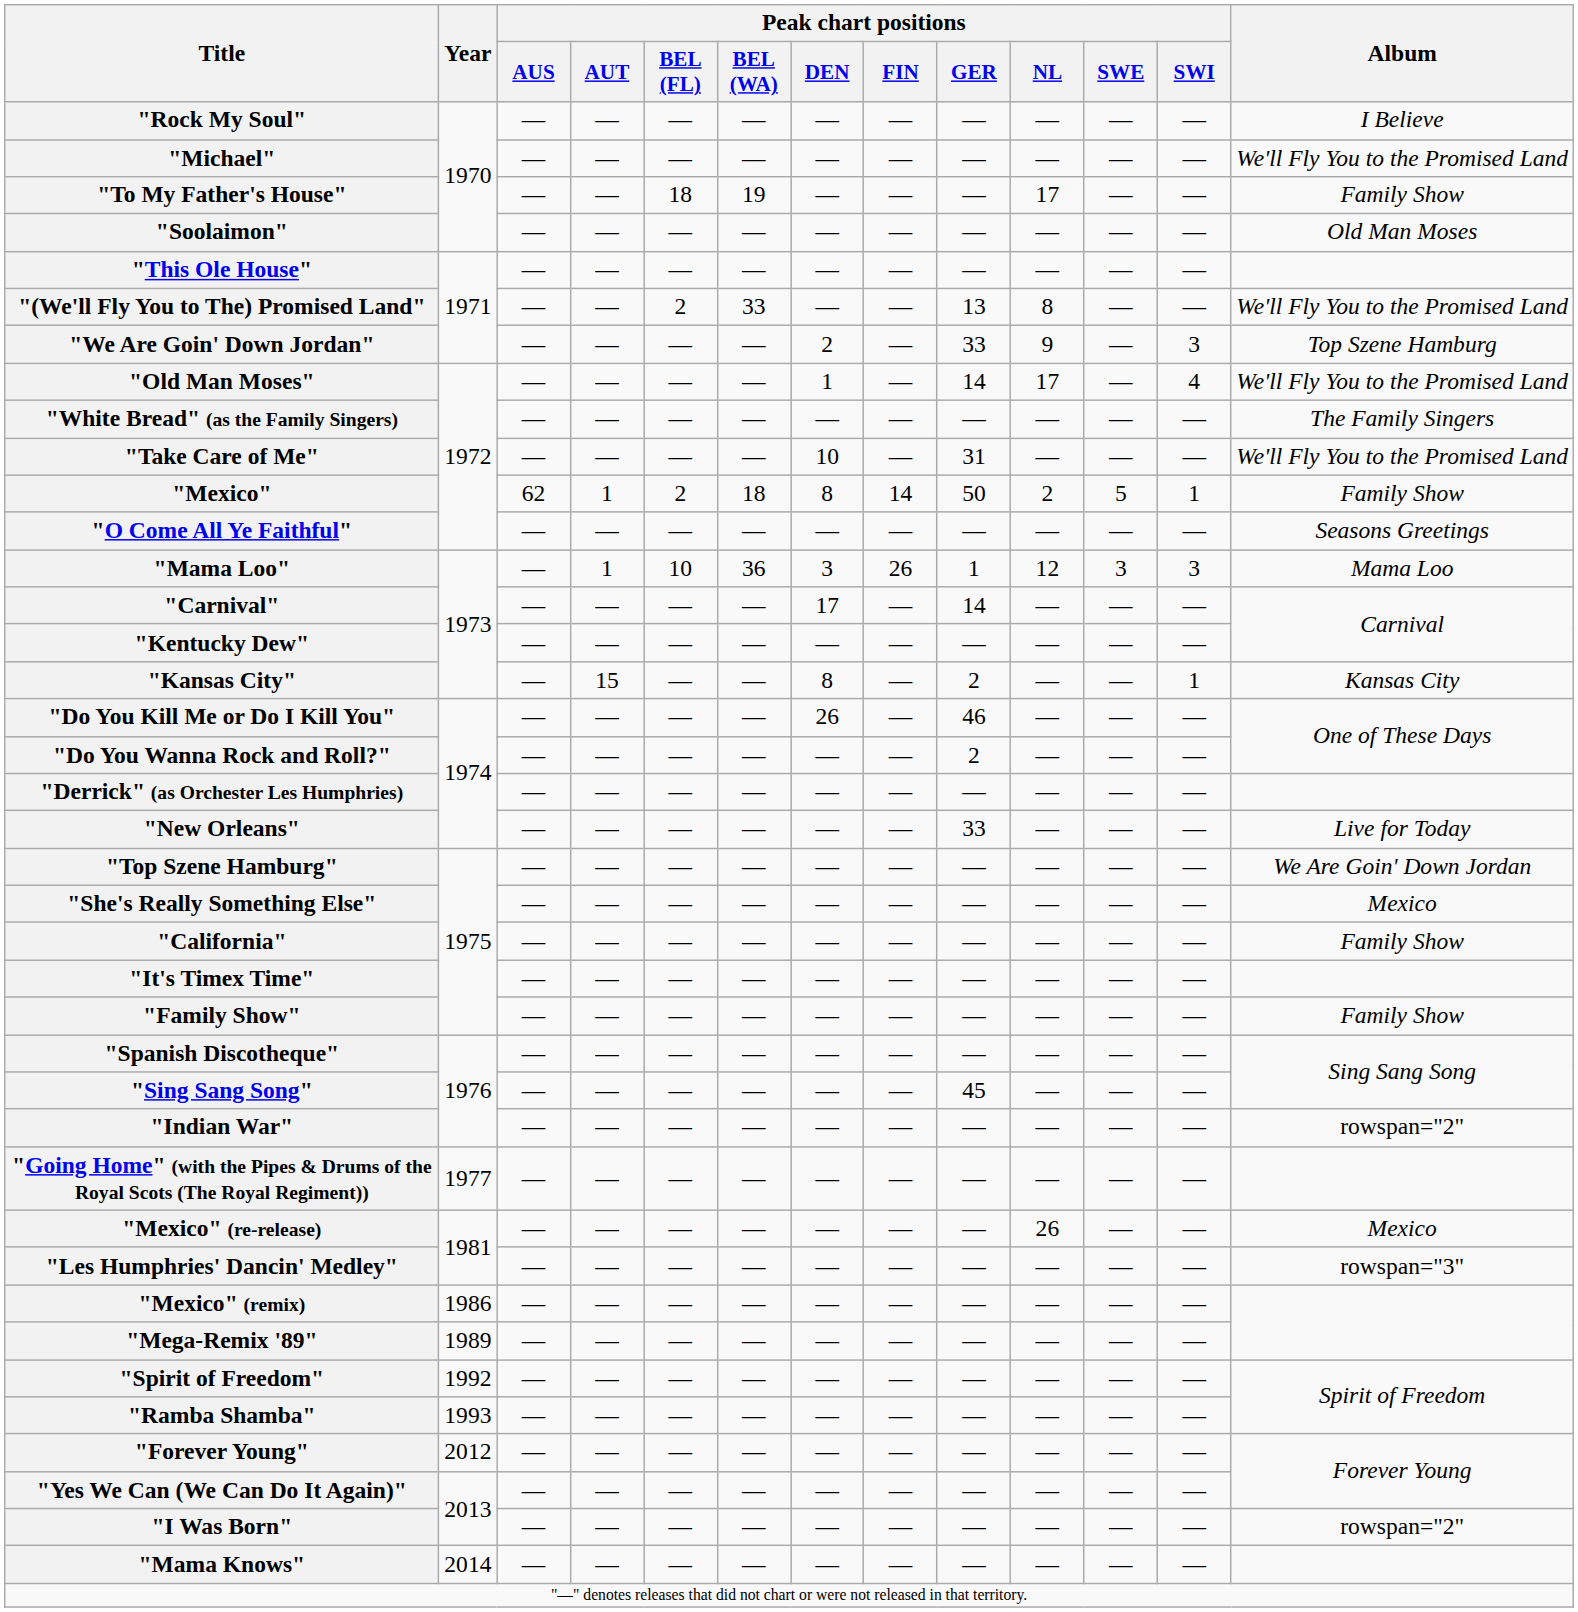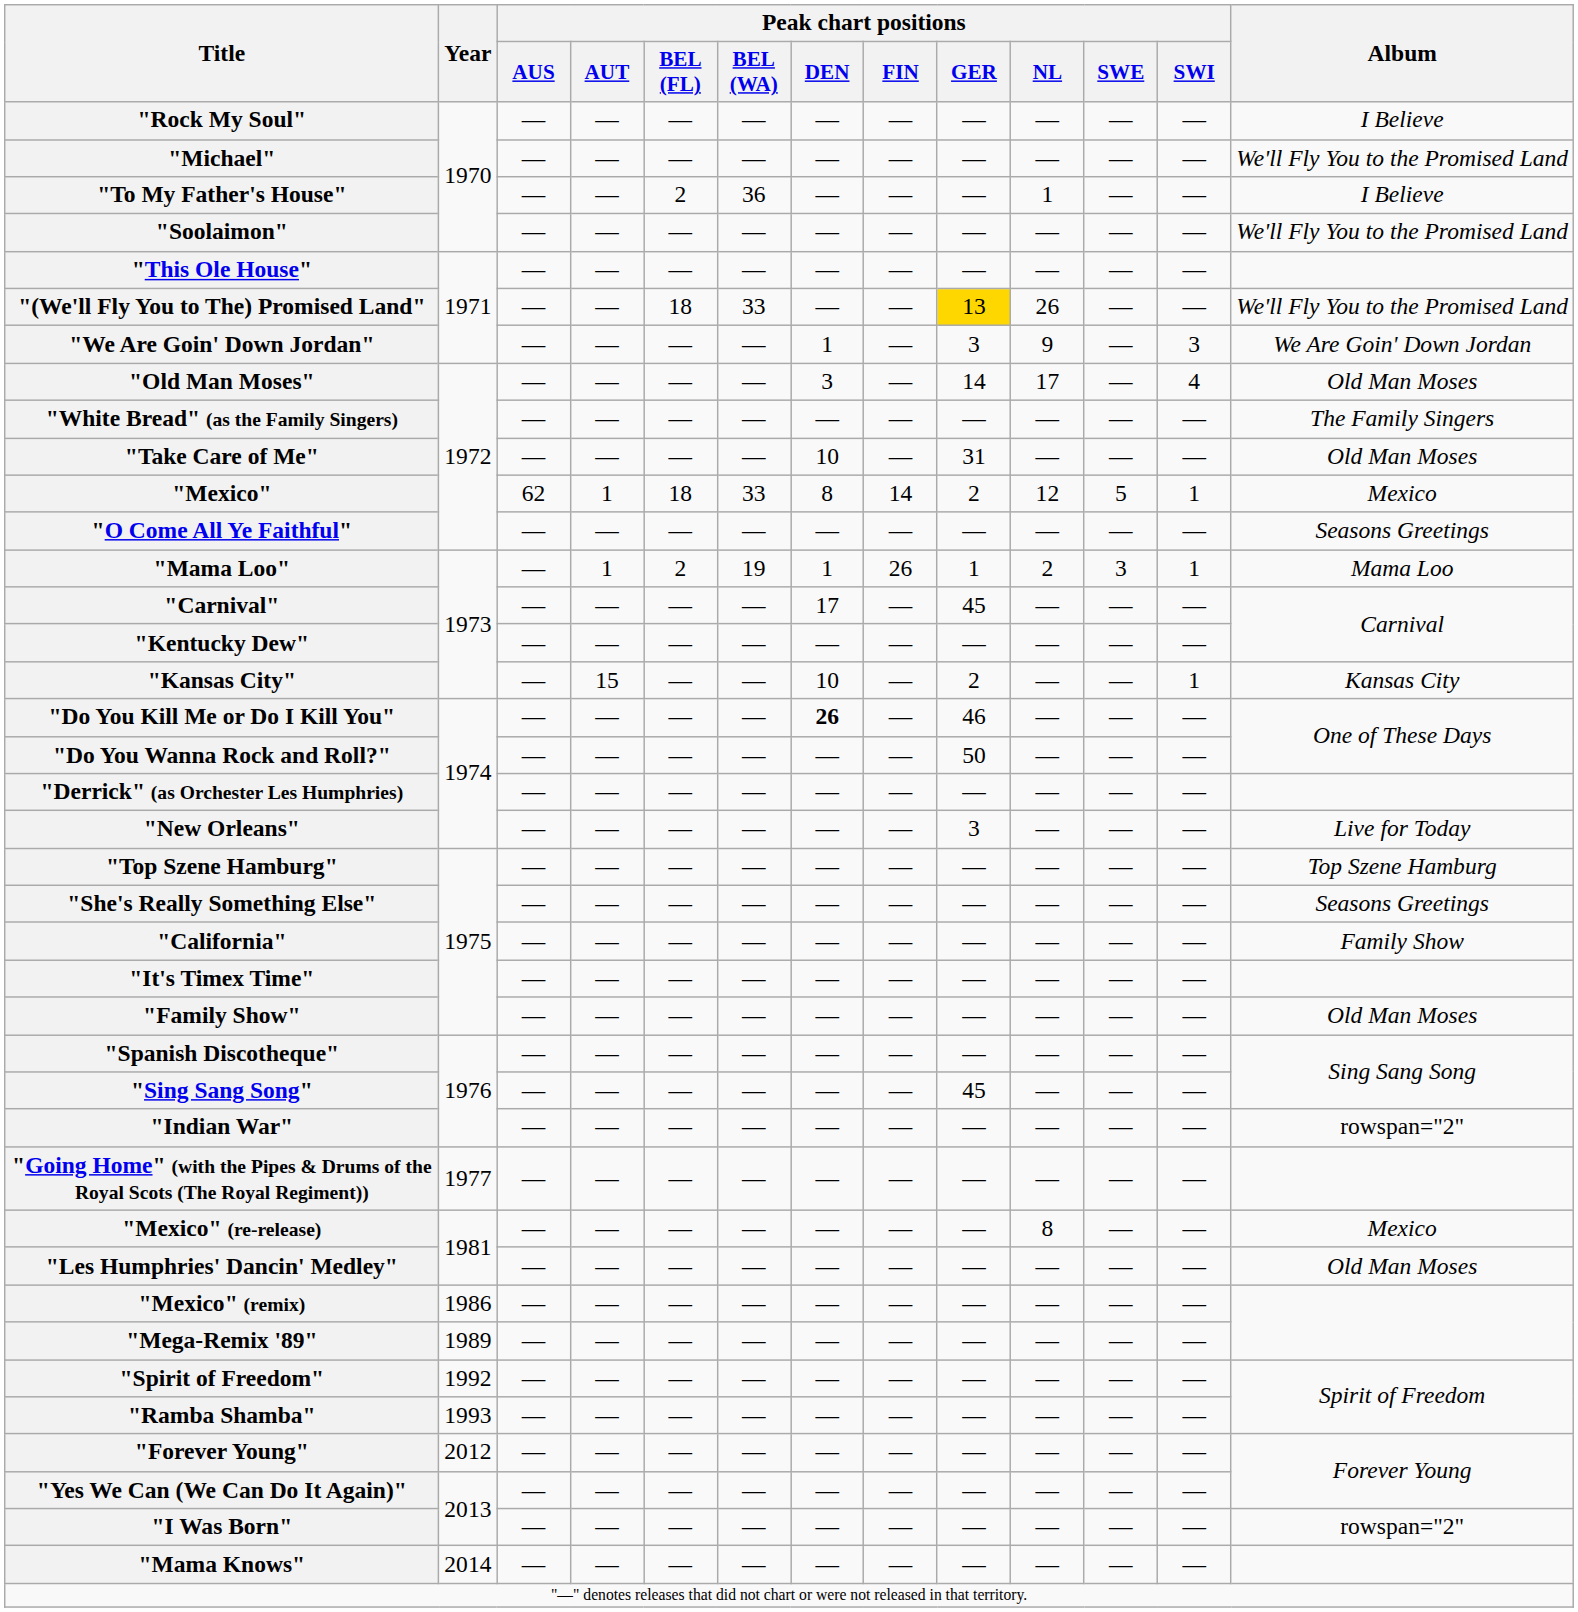 <table class="wikitable plainrowheaders" style="text-align:center;">
 <tr>
 <th scope="col" rowspan="2" style="width:18em;">Title</th>
 <th scope="col" rowspan="2" style="width:2em;">Year</th>
 <th colspan="10">Peak chart positions</th>
 <th rowspan="2">Album</th>
 </tr>
 <tr>
 <th scope="col" style="width:3em;font-size:90%;"><a href='#'>AUS</a><br></th>
 <th scope="col" style="width:3em;font-size:90%;"><a href='#'>AUT</a><br></th>
 <th scope="col" style="width:3em;font-size:90%;"><a href='#'>BEL (FL)</a><br></th>
 <th scope="col" style="width:3em;font-size:90%;"><a href='#'>BEL (WA)</a><br></th>
 <th scope="col" style="width:3em;font-size:90%;"><a href='#'>DEN</a><br></th>
 <th scope="col" style="width:3em;font-size:90%;"><a href='#'>FIN</a><br></th>
 <th scope="col" style="width:3em;font-size:90%;"><a href='#'>GER</a><br></th>
 <th scope="col" style="width:3em;font-size:90%;"><a href='#'>NL</a><br></th>
 <th scope="col" style="width:3em;font-size:90%;"><a href='#'>SWE</a><br></th>
 <th scope="col" style="width:3em;font-size:90%;"><a href='#'>SWI</a><br></th>
 </tr>
 <tr>
 <th scope="row">"Rock My Soul"</th>
 <td rowspan="4">1970</td>
 <td>—</td>
 <td>—</td>
 <td>—</td>
 <td>—</td>
 <td>—</td>
 <td>—</td>
 <td>—</td>
 <td>—</td>
 <td>—</td>
 <td>—</td>
 <td><em>I Believe</em></td>
 </tr>
 <tr>
 <th scope="row">"Michael"</th>
 <td>—</td>
 <td>—</td>
 <td>—</td>
 <td>—</td>
 <td>—</td>
 <td>—</td>
 <td>—</td>
 <td>—</td>
 <td>—</td>
 <td>—</td>
 <td><em>We'll Fly You to the Promised Land</em></td>
 </tr>
 <tr>
 <th scope="row">"To My Father's House"</th>
 <td>—</td>
 <td>—</td>
-<td>18</td>
-<td>19</td>
+<td>2</td>
+<td>36</td>
 <td>—</td>
 <td>—</td>
 <td>—</td>
-<td>17</td>
+<td>1</td>
 <td>—</td>
 <td>—</td>
-<td><em>Family Show</em></td>
+<td><em>I Believe</em></td>
 </tr>
 <tr>
 <th scope="row">"Soolaimon"</th>
 <td>—</td>
 <td>—</td>
 <td>—</td>
 <td>—</td>
 <td>—</td>
 <td>—</td>
 <td>—</td>
 <td>—</td>
 <td>—</td>
 <td>—</td>
-<td><em>Old Man Moses</em></td>
+<td><em>We'll Fly You to the Promised Land</em></td>
 </tr>
 <tr>
 <th scope="row">"<a href='#'>This Ole House</a>"</th>
 <td rowspan="3">1971</td>
 <td>—</td>
 <td>—</td>
 <td>—</td>
 <td>—</td>
 <td>—</td>
 <td>—</td>
 <td>—</td>
 <td>—</td>
 <td>—</td>
 <td>—</td>
 <td></td>
 </tr>
 <tr>
 <th scope="row">"(We'll Fly You to The) Promised Land"</th>
 <td>—</td>
 <td>—</td>
-<td>2</td>
+<td>18</td>
 <td>33</td>
 <td>—</td>
 <td>—</td>
-<td>13</td>
-<td>8</td>
+<td style="background: gold;">13</td>
+<td>26</td>
 <td>—</td>
 <td>—</td>
 <td><em>We'll Fly You to the Promised Land</em></td>
 </tr>
 <tr>
 <th scope="row">"We Are Goin' Down Jordan"</th>
 <td>—</td>
 <td>—</td>
 <td>—</td>
 <td>—</td>
-<td>2</td>
+<td>1</td>
 <td>—</td>
-<td>33</td>
+<td>3</td>
 <td>9</td>
 <td>—</td>
 <td>3</td>
-<td><em>Top Szene Hamburg</em></td>
+<td><em>We Are Goin' Down Jordan</em></td>
 </tr>
 <tr>
 <th scope="row">"Old Man Moses"</th>
 <td rowspan="5">1972</td>
 <td>—</td>
 <td>—</td>
 <td>—</td>
 <td>—</td>
-<td>1</td>
+<td>3</td>
 <td>—</td>
 <td>14</td>
 <td>17</td>
 <td>—</td>
 <td>4</td>
-<td><em>We'll Fly You to the Promised Land</em></td>
+<td><em>Old Man Moses</em></td>
 </tr>
 <tr>
 <th scope="row">"White Bread" <small>(as the Family Singers)</small></th>
 <td>—</td>
 <td>—</td>
 <td>—</td>
 <td>—</td>
 <td>—</td>
 <td>—</td>
 <td>—</td>
 <td>—</td>
 <td>—</td>
 <td>—</td>
 <td><em>The Family Singers</em></td>
 </tr>
 <tr>
 <th scope="row">"Take Care of Me"</th>
 <td>—</td>
 <td>—</td>
 <td>—</td>
 <td>—</td>
 <td>10</td>
 <td>—</td>
 <td>31</td>
 <td>—</td>
 <td>—</td>
 <td>—</td>
-<td><em>We'll Fly You to the Promised Land</em></td>
+<td><em>Old Man Moses</em></td>
 </tr>
 <tr>
 <th scope="row">"Mexico"</th>
 <td>62</td>
 <td>1</td>
-<td>2</td>
 <td>18</td>
+<td>33</td>
 <td>8</td>
 <td>14</td>
-<td>50</td>
 <td>2</td>
+<td>12</td>
 <td>5</td>
 <td>1</td>
-<td><em>Family Show</em></td>
+<td><em>Mexico</em></td>
 </tr>
 <tr>
 <th scope="row">"<a href='#'>O Come All Ye Faithful</a>"</th>
 <td>—</td>
 <td>—</td>
 <td>—</td>
 <td>—</td>
 <td>—</td>
 <td>—</td>
 <td>—</td>
 <td>—</td>
 <td>—</td>
 <td>—</td>
 <td><em>Seasons Greetings</em></td>
 </tr>
 <tr>
 <th scope="row">"Mama Loo"</th>
 <td rowspan="4">1973</td>
 <td>—</td>
 <td>1</td>
-<td>10</td>
-<td>36</td>
-<td>3</td>
+<td>2</td>
+<td>19</td>
+<td>1</td>
 <td>26</td>
 <td>1</td>
-<td>12</td>
+<td>2</td>
 <td>3</td>
-<td>3</td>
+<td>1</td>
 <td><em>Mama Loo</em></td>
 </tr>
 <tr>
 <th scope="row">"Carnival"</th>
 <td>—</td>
 <td>—</td>
 <td>—</td>
 <td>—</td>
 <td>17</td>
 <td>—</td>
-<td>14</td>
+<td>45</td>
 <td>—</td>
 <td>—</td>
 <td>—</td>
 <td rowspan="2"><em>Carnival</em></td>
 </tr>
 <tr>
 <th scope="row">"Kentucky Dew"</th>
 <td>—</td>
 <td>—</td>
 <td>—</td>
 <td>—</td>
 <td>—</td>
 <td>—</td>
 <td>—</td>
 <td>—</td>
 <td>—</td>
 <td>—</td>
 </tr>
 <tr>
 <th scope="row">"Kansas City"</th>
 <td>—</td>
 <td>15</td>
 <td>—</td>
 <td>—</td>
-<td>8</td>
+<td>10</td>
 <td>—</td>
 <td>2</td>
 <td>—</td>
 <td>—</td>
 <td>1</td>
 <td><em>Kansas City</em></td>
 </tr>
 <tr>
 <th scope="row">"Do You Kill Me or Do I Kill You"</th>
 <td rowspan="4">1974</td>
 <td>—</td>
 <td>—</td>
 <td>—</td>
 <td>—</td>
-<td>26</td>
+<td><strong>26</strong></td>
 <td>—</td>
 <td>46</td>
 <td>—</td>
 <td>—</td>
 <td>—</td>
 <td rowspan="2"><em>One of These Days</em></td>
 </tr>
 <tr>
 <th scope="row">"Do You Wanna Rock and Roll?"</th>
 <td>—</td>
 <td>—</td>
 <td>—</td>
 <td>—</td>
 <td>—</td>
 <td>—</td>
-<td>2</td>
+<td>50</td>
 <td>—</td>
 <td>—</td>
 <td>—</td>
 </tr>
 <tr>
 <th scope="row">"Derrick" <small>(as Orchester Les Humphries)</small></th>
 <td>—</td>
 <td>—</td>
 <td>—</td>
 <td>—</td>
 <td>—</td>
 <td>—</td>
 <td>—</td>
 <td>—</td>
 <td>—</td>
 <td>—</td>
 <td></td>
 </tr>
 <tr>
 <th scope="row">"New Orleans"</th>
 <td>—</td>
 <td>—</td>
 <td>—</td>
 <td>—</td>
 <td>—</td>
 <td>—</td>
-<td>33</td>
+<td>3</td>
 <td>—</td>
 <td>—</td>
 <td>—</td>
 <td><em>Live for Today</em></td>
 </tr>
 <tr>
 <th scope="row">"Top Szene Hamburg"</th>
 <td rowspan="5">1975</td>
 <td>—</td>
 <td>—</td>
 <td>—</td>
 <td>—</td>
 <td>—</td>
 <td>—</td>
 <td>—</td>
 <td>—</td>
 <td>—</td>
 <td>—</td>
-<td><em>We Are Goin' Down Jordan</em></td>
+<td><em>Top Szene Hamburg</em></td>
 </tr>
 <tr>
 <th scope="row">"She's Really Something Else"</th>
 <td>—</td>
 <td>—</td>
 <td>—</td>
 <td>—</td>
 <td>—</td>
 <td>—</td>
 <td>—</td>
 <td>—</td>
 <td>—</td>
 <td>—</td>
-<td><em>Mexico</em></td>
+<td><em>Seasons Greetings</em></td>
 </tr>
 <tr>
 <th scope="row">"California"</th>
 <td>—</td>
 <td>—</td>
 <td>—</td>
 <td>—</td>
 <td>—</td>
 <td>—</td>
 <td>—</td>
 <td>—</td>
 <td>—</td>
 <td>—</td>
 <td><em>Family Show</em></td>
 </tr>
 <tr>
 <th scope="row">"It's Timex Time"</th>
 <td>—</td>
 <td>—</td>
 <td>—</td>
 <td>—</td>
 <td>—</td>
 <td>—</td>
 <td>—</td>
 <td>—</td>
 <td>—</td>
 <td>—</td>
 <td></td>
 </tr>
 <tr>
 <th scope="row">"Family Show"</th>
 <td>—</td>
 <td>—</td>
 <td>—</td>
 <td>—</td>
 <td>—</td>
 <td>—</td>
 <td>—</td>
 <td>—</td>
 <td>—</td>
 <td>—</td>
-<td><em>Family Show</em></td>
+<td><em>Old Man Moses</em></td>
 </tr>
 <tr>
 <th scope="row">"Spanish Discotheque"</th>
 <td rowspan="3">1976</td>
 <td>—</td>
 <td>—</td>
 <td>—</td>
 <td>—</td>
 <td>—</td>
 <td>—</td>
 <td>—</td>
 <td>—</td>
 <td>—</td>
 <td>—</td>
 <td rowspan="2"><em>Sing Sang Song</em></td>
 </tr>
 <tr>
 <th scope="row">"<a href='#'>Sing Sang Song</a>"</th>
 <td>—</td>
 <td>—</td>
 <td>—</td>
 <td>—</td>
 <td>—</td>
 <td>—</td>
 <td>45</td>
 <td>—</td>
 <td>—</td>
 <td>—</td>
 </tr>
 <tr>
 <th scope="row">"Indian War"</th>
 <td>—</td>
 <td>—</td>
 <td>—</td>
 <td>—</td>
 <td>—</td>
 <td>—</td>
 <td>—</td>
 <td>—</td>
 <td>—</td>
 <td>—</td>
 <td>rowspan="2" </td>
 </tr>
 <tr>
 <th scope="row">"<a href='#'>Going Home</a>" <small>(with the Pipes & Drums of the Royal Scots (The Royal Regiment))</small></th>
 <td>1977</td>
 <td>—</td>
 <td>—</td>
 <td>—</td>
 <td>—</td>
 <td>—</td>
 <td>—</td>
 <td>—</td>
 <td>—</td>
 <td>—</td>
 <td>—</td>
 </tr>
 <tr>
 <th scope="row">"Mexico" <small>(re-release)</small></th>
 <td rowspan="2">1981</td>
 <td>—</td>
 <td>—</td>
 <td>—</td>
 <td>—</td>
 <td>—</td>
 <td>—</td>
 <td>—</td>
-<td>26</td>
+<td>8</td>
 <td>—</td>
 <td>—</td>
 <td><em>Mexico</em></td>
 </tr>
 <tr>
 <th scope="row">"Les Humphries' Dancin' Medley"</th>
 <td>—</td>
 <td>—</td>
 <td>—</td>
 <td>—</td>
 <td>—</td>
 <td>—</td>
 <td>—</td>
 <td>—</td>
 <td>—</td>
 <td>—</td>
-<td>rowspan="3" </td>
+<td><em>Old Man Moses</em></td>
 </tr>
 <tr>
 <th scope="row">"Mexico" <small>(remix)</small></th>
 <td>1986</td>
 <td>—</td>
 <td>—</td>
 <td>—</td>
 <td>—</td>
 <td>—</td>
 <td>—</td>
 <td>—</td>
 <td>—</td>
 <td>—</td>
 <td>—</td>
 </tr>
 <tr>
 <th scope="row">"Mega-Remix '89"</th>
 <td>1989</td>
 <td>—</td>
 <td>—</td>
 <td>—</td>
 <td>—</td>
 <td>—</td>
 <td>—</td>
 <td>—</td>
 <td>—</td>
 <td>—</td>
 <td>—</td>
 </tr>
 <tr>
 <th scope="row">"Spirit of Freedom"</th>
 <td>1992</td>
 <td>—</td>
 <td>—</td>
 <td>—</td>
 <td>—</td>
 <td>—</td>
 <td>—</td>
 <td>—</td>
 <td>—</td>
 <td>—</td>
 <td>—</td>
 <td rowspan="2"><em>Spirit of Freedom</em></td>
 </tr>
 <tr>
 <th scope="row">"Ramba Shamba"</th>
 <td>1993</td>
 <td>—</td>
 <td>—</td>
 <td>—</td>
 <td>—</td>
 <td>—</td>
 <td>—</td>
 <td>—</td>
 <td>—</td>
 <td>—</td>
 <td>—</td>
 </tr>
 <tr>
 <th scope="row">"Forever Young"</th>
 <td>2012</td>
 <td>—</td>
 <td>—</td>
 <td>—</td>
 <td>—</td>
 <td>—</td>
 <td>—</td>
 <td>—</td>
 <td>—</td>
 <td>—</td>
 <td>—</td>
 <td rowspan="2"><em>Forever Young</em></td>
 </tr>
 <tr>
 <th scope="row">"Yes We Can (We Can Do It Again)"</th>
 <td rowspan="2">2013</td>
 <td>—</td>
 <td>—</td>
 <td>—</td>
 <td>—</td>
 <td>—</td>
 <td>—</td>
 <td>—</td>
 <td>—</td>
 <td>—</td>
 <td>—</td>
 </tr>
 <tr>
 <th scope="row">"I Was Born"</th>
 <td>—</td>
 <td>—</td>
 <td>—</td>
 <td>—</td>
 <td>—</td>
 <td>—</td>
 <td>—</td>
 <td>—</td>
 <td>—</td>
 <td>—</td>
 <td>rowspan="2" </td>
 </tr>
 <tr>
 <th scope="row">"Mama Knows"</th>
 <td>2014</td>
 <td>—</td>
 <td>—</td>
 <td>—</td>
 <td>—</td>
 <td>—</td>
 <td>—</td>
 <td>—</td>
 <td>—</td>
 <td>—</td>
 <td>—</td>
 </tr>
 <tr>
 <td colspan="13" style="font-size:8pt">"—" denotes releases that did not chart or were not released in that territory.</td>
 </tr>
 </table>
